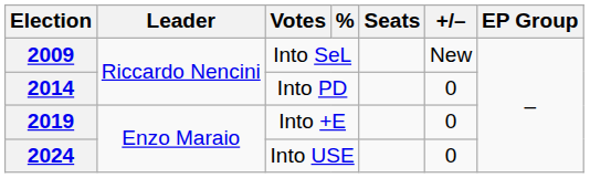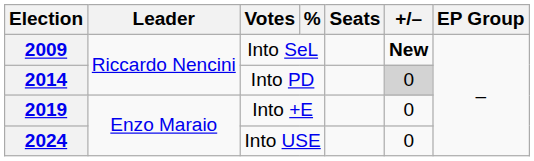 <table class="wikitable" style="text-align:center">
 <tr>
 <th>Election</th>
 <th>Leader</th>
 <th>Votes</th>
 <th>%</th>
 <th>Seats</th>
 <th>+/–</th>
 <th>EP Group</th>
 </tr>
 <tr>
 <th><a href='#'>2009</a></th>
 <td rowspan="2"><a href='#'>Riccardo Nencini</a></td>
 <td colspan="2">Into <a href='#'>SeL</a></td>
 <td></td>
-<td>New</td>
+<td><strong>New</strong></td>
 <td rowspan="4">–</td>
 </tr>
 <tr>
 <th><a href='#'>2014</a></th>
 <td colspan="2">Into <a href='#'>PD</a></td>
 <td></td>
-<td> 0</td>
+<td style="background: lightgrey;"> 0</td>
 </tr>
 <tr>
 <th><a href='#'>2019</a></th>
 <td rowspan="2"><a href='#'>Enzo Maraio</a></td>
 <td colspan="2">Into <a href='#'>+E</a></td>
 <td></td>
 <td> 0</td>
 </tr>
 <tr>
 <th><a href='#'>2024</a></th>
 <td colspan="2">Into <a href='#'>USE</a></td>
 <td></td>
 <td> 0</td>
 </tr>
 </table>
